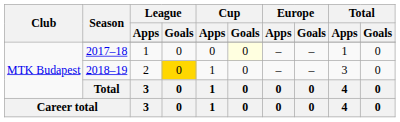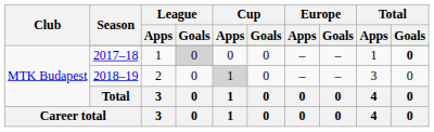 <table class="wikitable" style="text-align: center;">
 <tr>
 <th rowspan="2">Club</th>
 <th rowspan="2">Season</th>
 <th colspan="2">League</th>
 <th colspan="2">Cup</th>
 <th colspan="2">Europe</th>
 <th colspan="2">Total</th>
 </tr>
 <tr>
 <th>Apps</th>
 <th>Goals</th>
 <th>Apps</th>
 <th>Goals</th>
 <th>Apps</th>
 <th>Goals</th>
 <th>Apps</th>
 <th>Goals</th>
 </tr>
 <tr>
 <td rowspan="4"><a href='#'>MTK Budapest</a></td>
 </tr>
 <tr>
 <td><a href='#'>2017–18</a></td>
 <td>1</td>
+<td style="background: lightgrey;">0</td>
 <td>0</td>
 <td>0</td>
-<td style="background: lightyellow;">0</td>
 <td>–</td>
 <td>–</td>
 <td>1</td>
-<td>0</td>
+<td><strong>0</strong></td>
 </tr>
 <tr>
 <td><a href='#'>2018–19</a></td>
 <td>2</td>
-<td style="background: gold;">0</td>
-<td>1</td>
+<td>0</td>
+<td style="background: lightgrey;">1</td>
 <td>0</td>
 <td>–</td>
 <td>–</td>
 <td>3</td>
 <td>0</td>
 </tr>
 <tr>
 <th>Total</th>
 <th>3</th>
 <th>0</th>
 <th>1</th>
 <th>0</th>
 <th>0</th>
 <th>0</th>
 <th>4</th>
 <th>0</th>
 </tr>
 <tr>
 <th colspan="2">Career total</th>
 <th>3</th>
 <th>0</th>
 <th>1</th>
 <th>0</th>
 <th>0</th>
 <th>0</th>
 <th>4</th>
 <th>0</th>
 </tr>
 </table>
